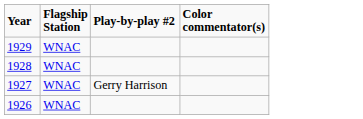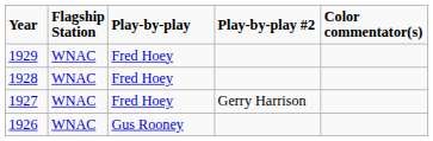 <table class="wikitable">
 <tr>
 <td width="40"><strong>Year</strong></td>
 <td width="40"><strong>Flagship Station</strong></td>
+<td width="110"><strong>Play-by-play</strong></td>
 <td width="110"><strong>Play-by-play #2</strong></td>
 <td width="110"><strong>Color commentator(s)</strong></td>
 </tr>
 <tr>
 <td><a href='#'>1929</a></td>
 <td><a href='#'>WNAC</a></td>
+<td><a href='#'>Fred Hoey</a></td>
 <td></td>
 <td></td>
 </tr>
 <tr>
 <td><a href='#'>1928</a></td>
 <td><a href='#'>WNAC</a></td>
+<td><a href='#'>Fred Hoey</a></td>
 <td></td>
 <td></td>
 </tr>
 <tr>
 <td><a href='#'>1927</a></td>
 <td><a href='#'>WNAC</a></td>
+<td><a href='#'>Fred Hoey</a></td>
 <td>Gerry Harrison</td>
 <td></td>
 </tr>
 <tr>
 <td><a href='#'>1926</a></td>
 <td><a href='#'>WNAC</a></td>
+<td><a href='#'>Gus Rooney</a></td>
 <td></td>
 <td></td>
 </tr>
 </table>
